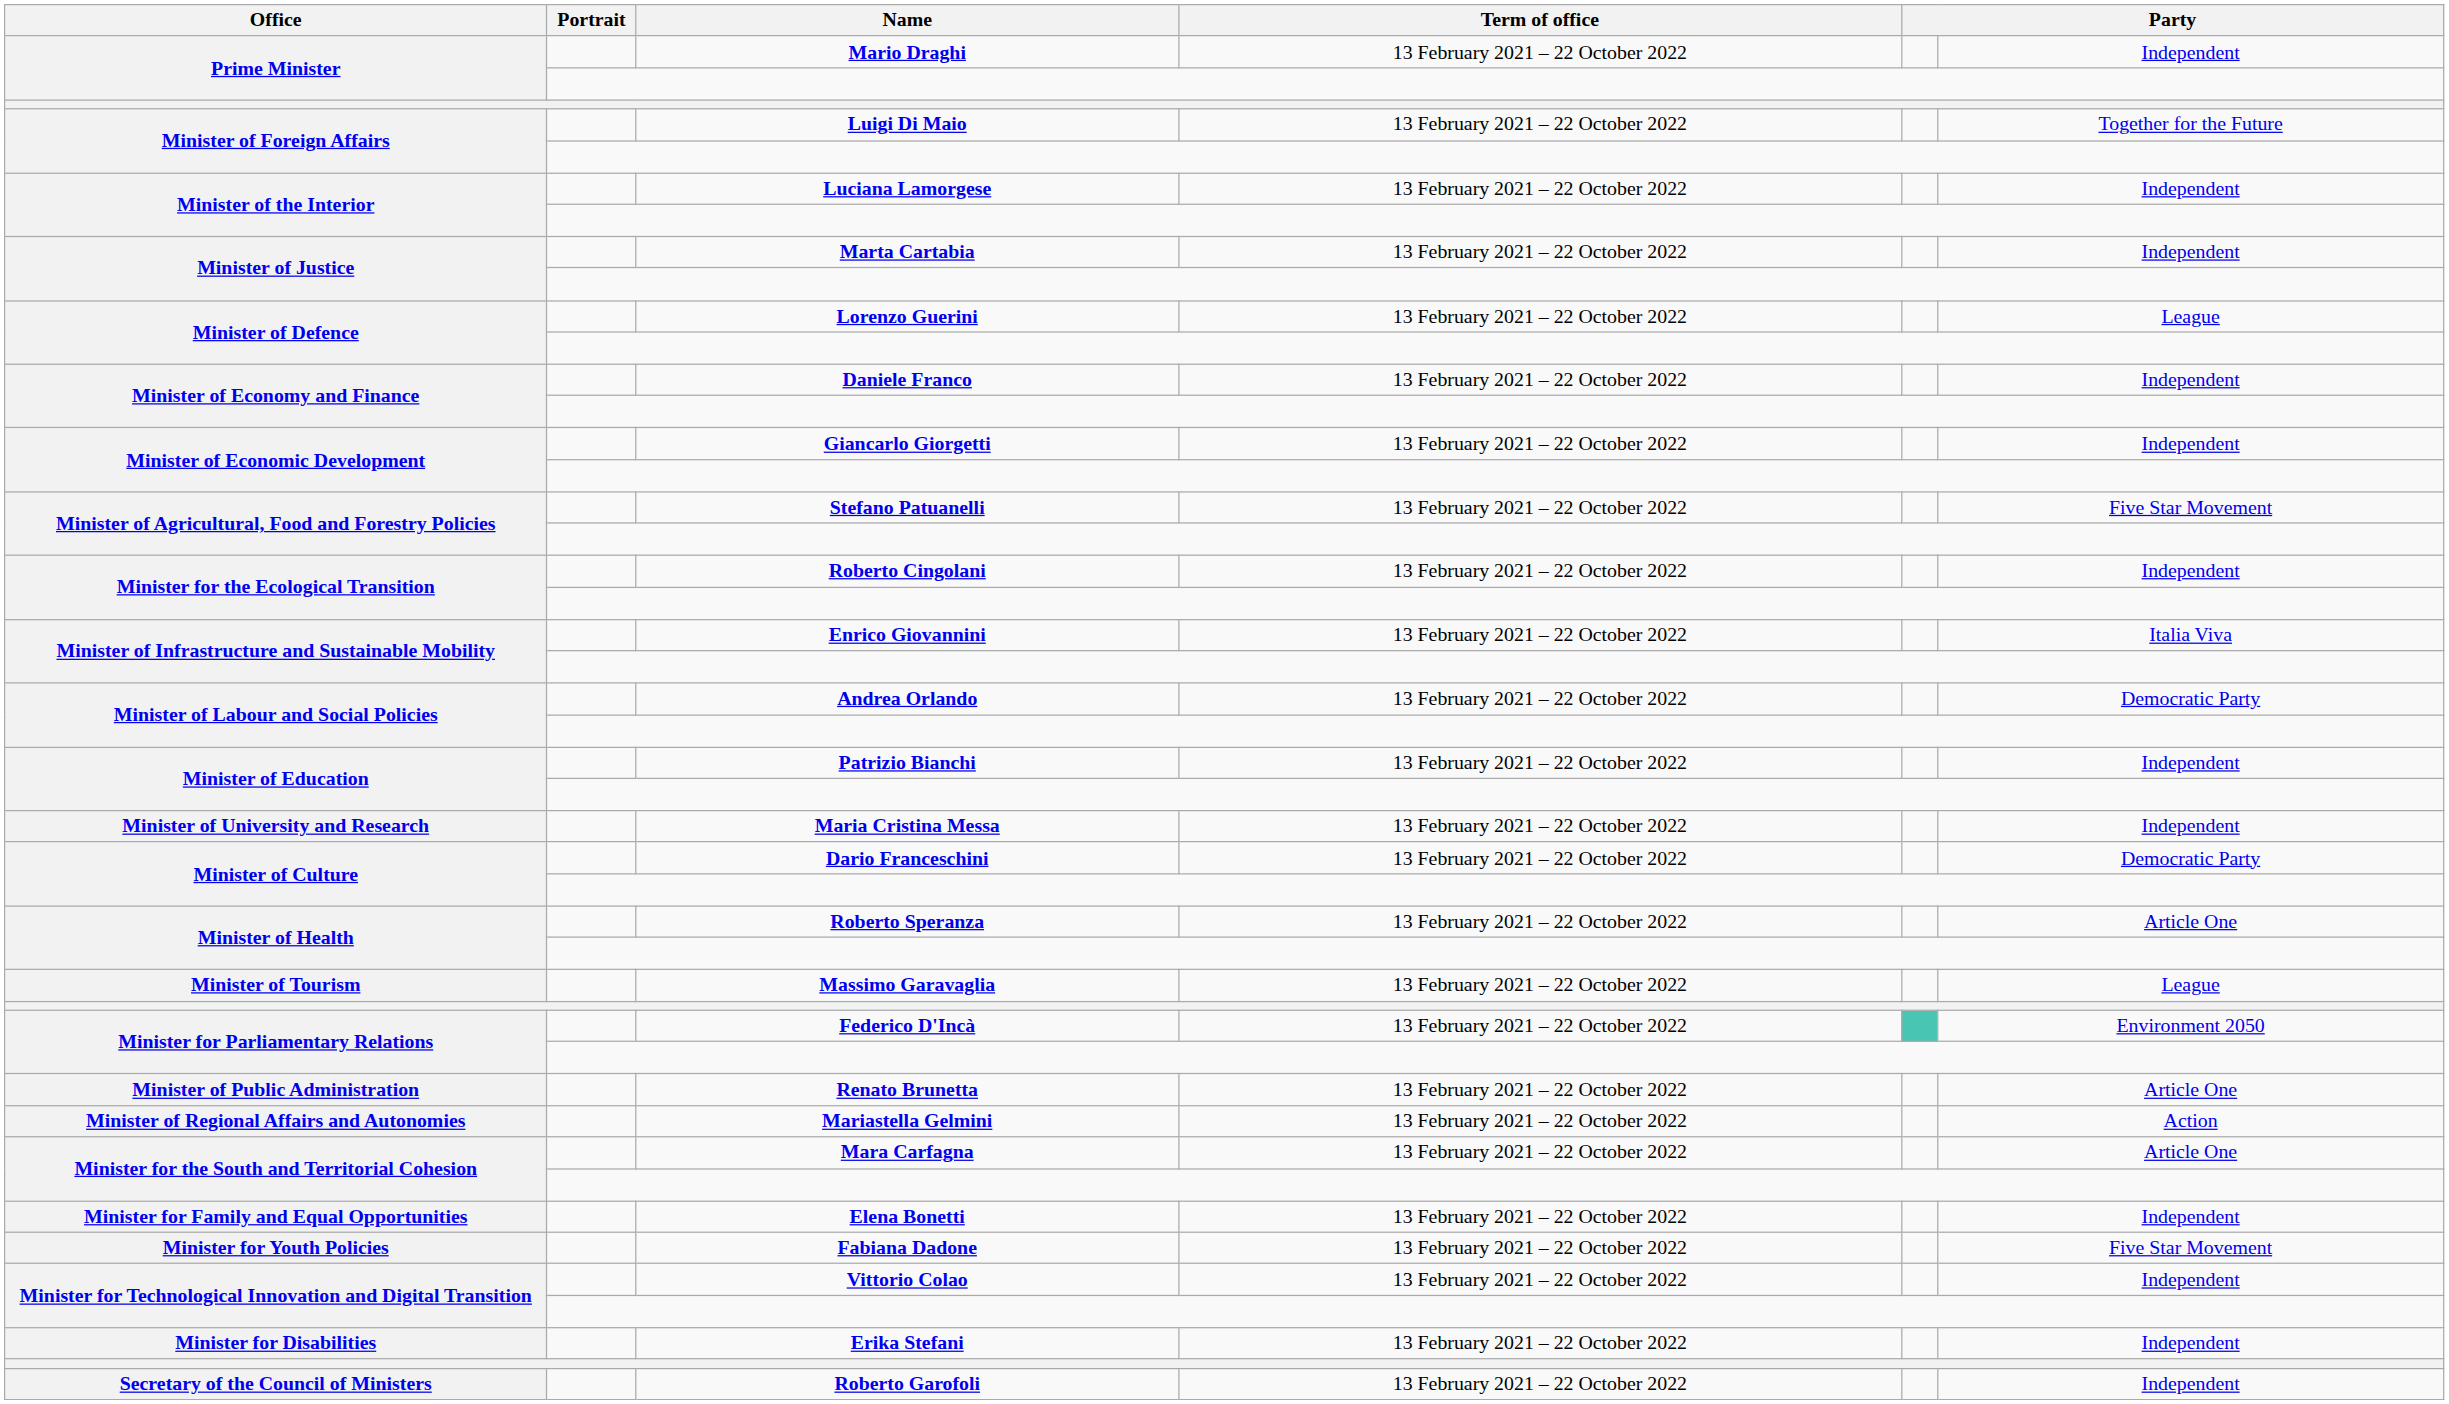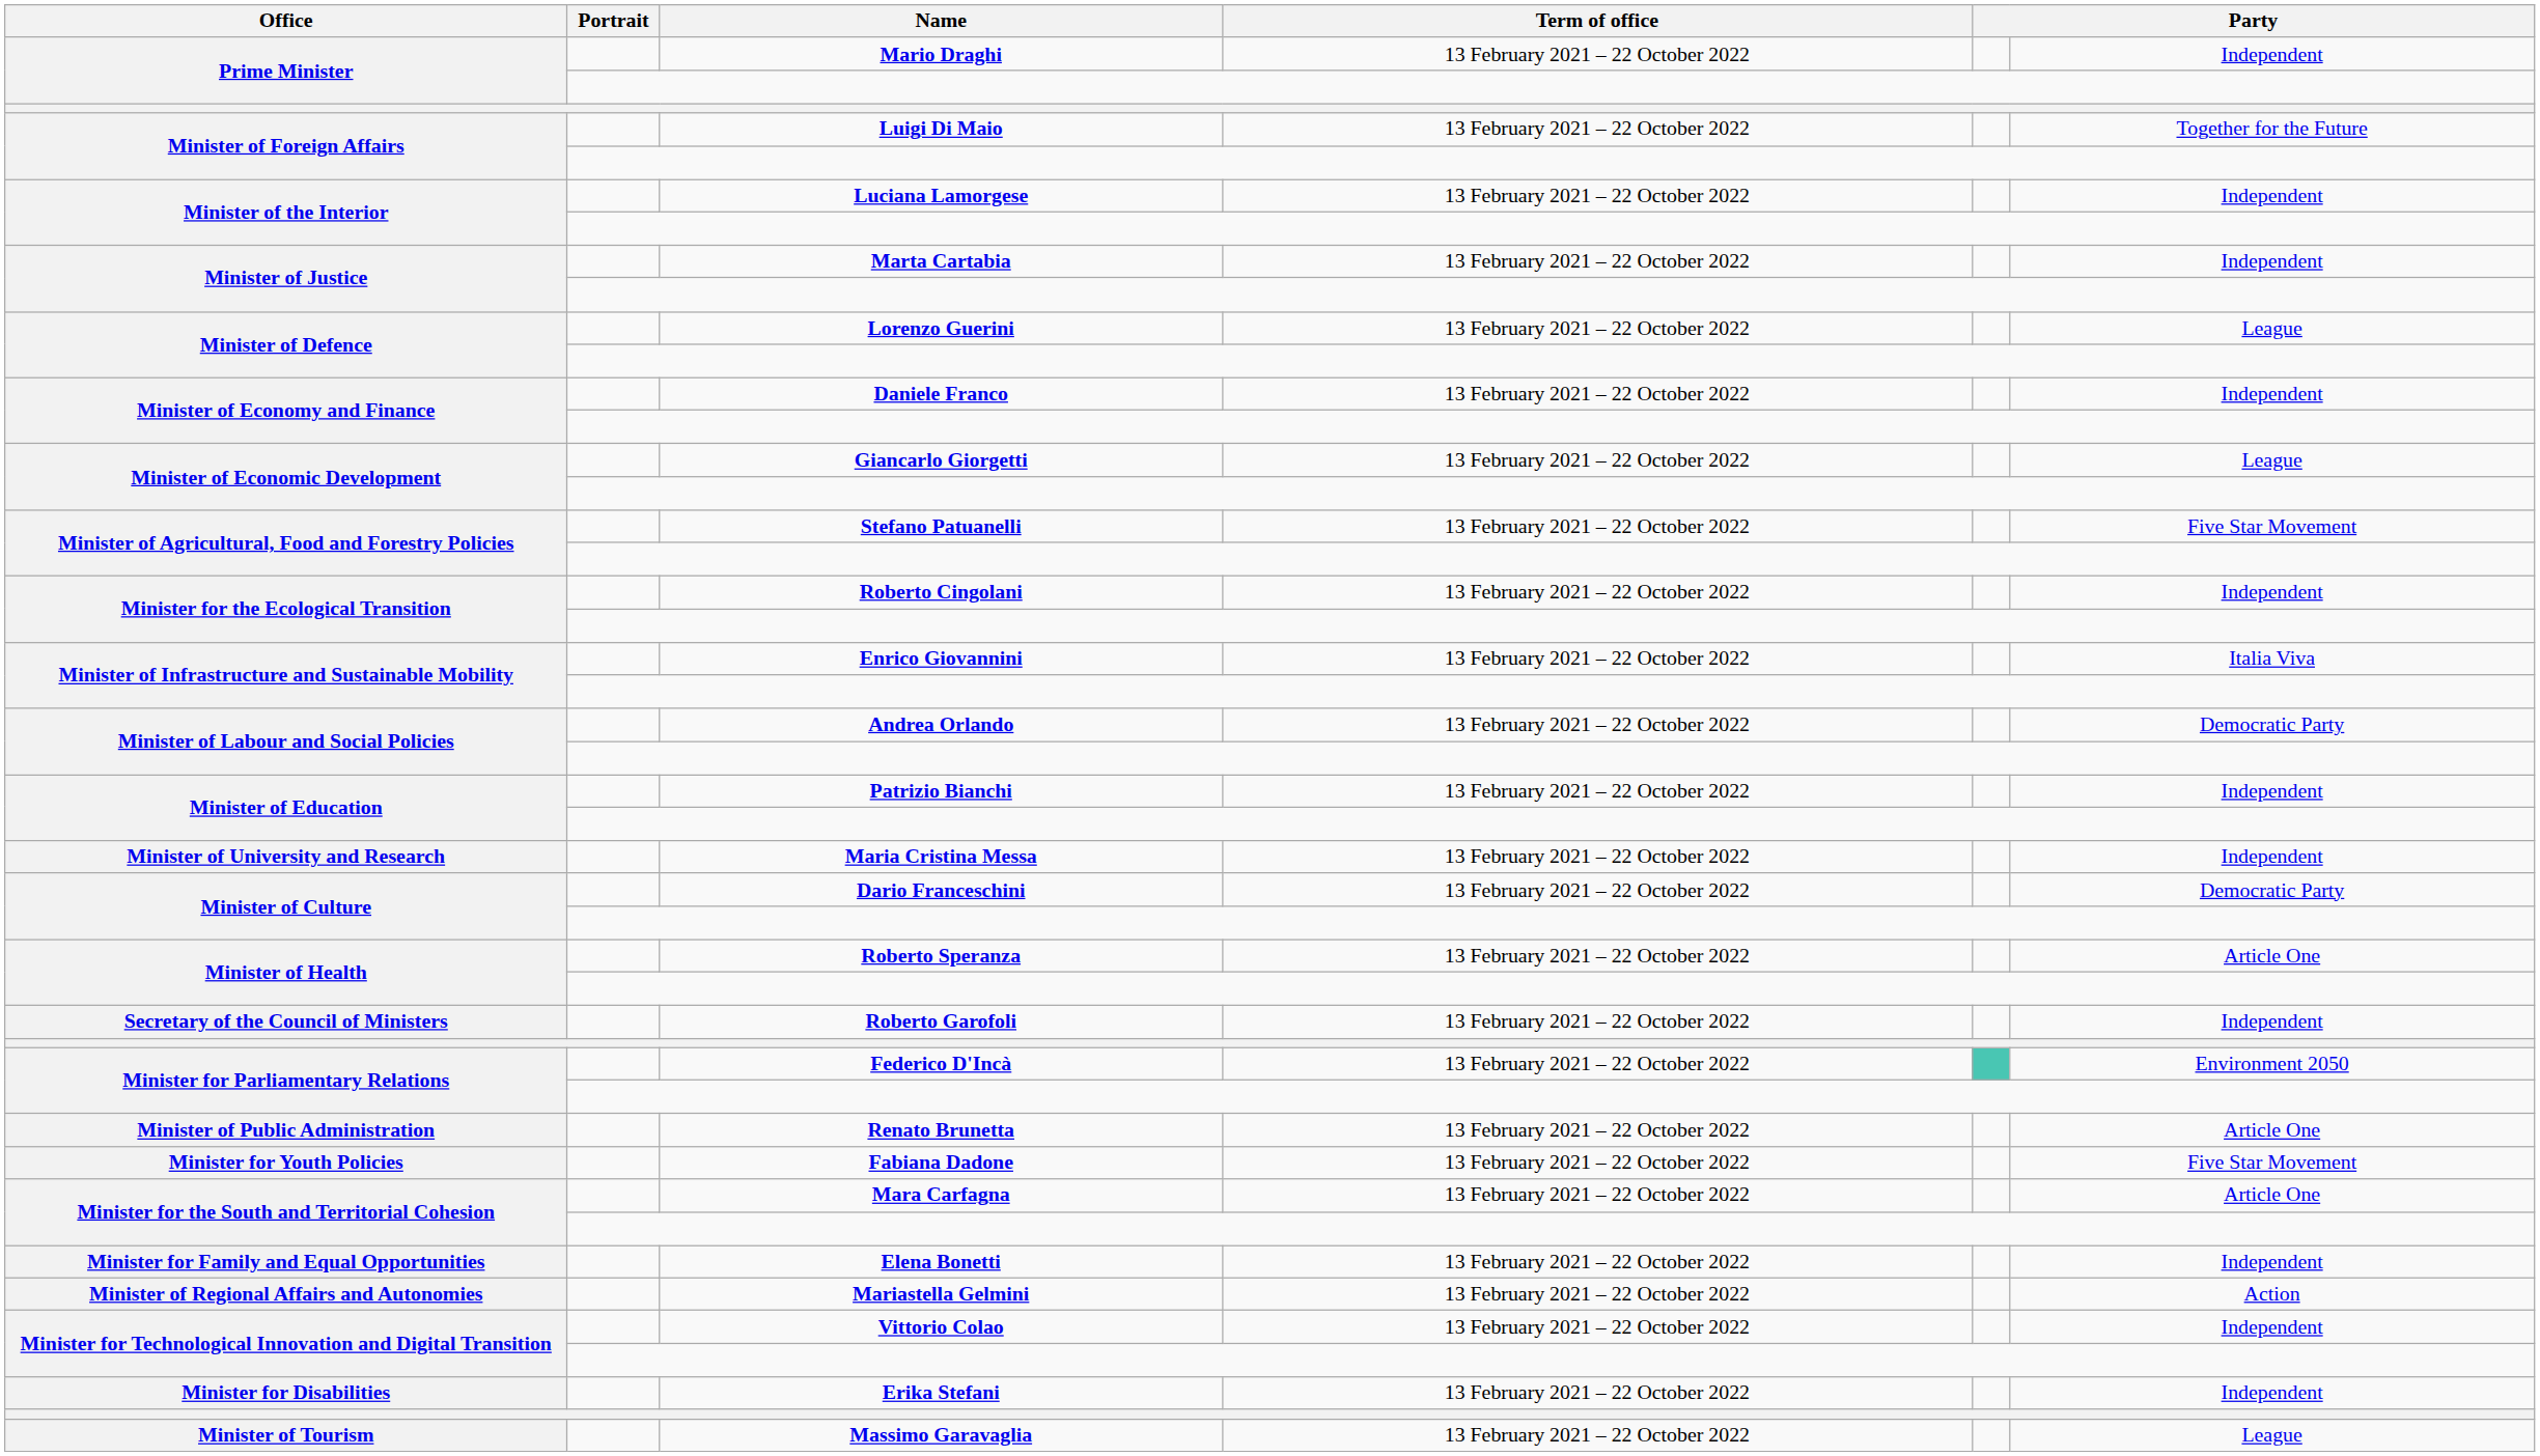 <table class="wikitable" style="text-align:center;">
 <tr>
 <th width=15%>Office</th>
 <th width=1%>Portrait</th>
 <th width=15%>Name</th>
 <th width=20%>Term of office</th>
 <th width=15% colspan=2>Party</th>
 </tr>
 <tr>
 <th rowspan=2><a href='#'>Prime Minister</a></th>
 <td></td>
 <td><strong><a href='#'>Mario Draghi</a></strong></td>
 <td>13 February 2021 – 22 October 2022</td>
 <td></td>
 <td><a href='#'>Independent</a></td>
 </tr>
 <tr>
 <td colspan="5" style="font-size:95%; line-height:19px;"><br></td>
 </tr>
 <tr>
 <th colspan=6></th>
 </tr>
 <tr>
 <th rowspan=2><a href='#'>Minister of Foreign Affairs</a></th>
 <td></td>
 <td><strong><a href='#'>Luigi Di Maio</a></strong></td>
 <td>13 February 2021 – 22 October 2022</td>
 <td></td>
 <td><a href='#'>Together for the Future</a><br></td>
 </tr>
 <tr>
 <td colspan="5" style="font-size:95%; line-height:19px;"><br> </td>
 </tr>
 <tr>
 <th rowspan=2><a href='#'>Minister of the Interior</a></th>
 <td></td>
 <td><strong><a href='#'>Luciana Lamorgese</a></strong></td>
 <td>13 February 2021 – 22 October 2022</td>
 <td></td>
 <td><a href='#'>Independent</a></td>
 </tr>
 <tr>
 <td colspan="5" style="font-size:95%; line-height:19px;"><br></td>
 </tr>
 <tr>
 <th rowspan=2><a href='#'>Minister of Justice</a></th>
 <td></td>
 <td><strong><a href='#'>Marta Cartabia</a></strong></td>
 <td>13 February 2021 – 22 October 2022</td>
 <td></td>
 <td><a href='#'>Independent</a></td>
 </tr>
 <tr>
 <td colspan="5" style="font-size:95%; line-height:19px;"><br></td>
 </tr>
 <tr>
 <th rowspan=2><a href='#'>Minister of Defence</a></th>
 <td></td>
 <td><strong><a href='#'>Lorenzo Guerini</a></strong></td>
 <td>13 February 2021 – 22 October 2022</td>
 <td></td>
 <td><a href='#'>League</a></td>
 </tr>
 <tr>
 <td colspan="5" style="font-size:95%; line-height:19px;"><br></td>
 </tr>
 <tr>
 <th rowspan=2><a href='#'>Minister of Economy and Finance</a></th>
 <td></td>
 <td><strong><a href='#'>Daniele Franco</a></strong></td>
 <td>13 February 2021 – 22 October 2022</td>
 <td></td>
 <td><a href='#'>Independent</a></td>
 </tr>
 <tr>
 <td colspan="5" style="font-size:95%; line-height:19px;"><br> </td>
 </tr>
 <tr>
 <th rowspan=2><a href='#'>Minister of Economic Development</a></th>
 <td></td>
 <td><strong><a href='#'>Giancarlo Giorgetti</a></strong></td>
 <td>13 February 2021 – 22 October 2022</td>
 <td></td>
-<td><a href='#'>Independent</a></td>
+<td><a href='#'>League</a></td>
 </tr>
 <tr>
 <td colspan="5" style="font-size:95%; line-height:19px;"><br> </td>
 </tr>
 <tr>
 <th rowspan=2><a href='#'>Minister of Agricultural, Food and Forestry Policies</a></th>
 <td></td>
 <td><strong><a href='#'>Stefano Patuanelli</a></strong></td>
 <td>13 February 2021 – 22 October 2022</td>
 <td></td>
 <td><a href='#'>Five Star Movement</a></td>
 </tr>
 <tr>
 <td colspan="5" style="font-size:95%; line-height:19px;"><br></td>
 </tr>
 <tr>
 <th rowspan=2><a href='#'>Minister for the Ecological Transition</a></th>
 <td></td>
 <td><strong><a href='#'>Roberto Cingolani</a></strong></td>
 <td>13 February 2021 – 22 October 2022</td>
 <td></td>
 <td><a href='#'>Independent</a></td>
 </tr>
 <tr>
 <td colspan="5" style="font-size:95%; line-height:19px;"><br></td>
 </tr>
 <tr>
 <th rowspan=2><a href='#'>Minister of Infrastructure and Sustainable Mobility</a></th>
 <td></td>
 <td><strong><a href='#'>Enrico Giovannini</a></strong></td>
 <td>13 February 2021 – 22 October 2022</td>
 <td></td>
 <td><a href='#'>Italia Viva</a></td>
 </tr>
 <tr>
 <td colspan="5" style="font-size:95%; line-height:19px;"><br> </td>
 </tr>
 <tr>
 <th rowspan=2><a href='#'>Minister of Labour and Social Policies</a></th>
 <td></td>
 <td><strong><a href='#'>Andrea Orlando</a></strong></td>
 <td>13 February 2021 – 22 October 2022</td>
 <td></td>
 <td><a href='#'>Democratic Party</a></td>
 </tr>
 <tr>
 <td colspan="5" style="font-size:95%; line-height:19px;"><br></td>
 </tr>
 <tr>
 <th rowspan=2><a href='#'>Minister of Education</a></th>
 <td></td>
 <td><strong><a href='#'>Patrizio Bianchi</a></strong></td>
 <td>13 February 2021 – 22 October 2022</td>
 <td></td>
 <td><a href='#'>Independent</a></td>
 </tr>
 <tr>
 <td colspan="5" style="font-size:95%; line-height:19px;"><br></td>
 </tr>
 <tr>
 <th><a href='#'>Minister of University and Research</a></th>
 <td></td>
 <td><strong><a href='#'>Maria Cristina Messa</a></strong></td>
 <td>13 February 2021 – 22 October 2022</td>
 <td></td>
 <td><a href='#'>Independent</a></td>
 </tr>
 <tr>
 <th rowspan=2><a href='#'>Minister of Culture</a></th>
 <td></td>
 <td><strong><a href='#'>Dario Franceschini</a></strong></td>
 <td>13 February 2021 – 22 October 2022</td>
 <td></td>
 <td><a href='#'>Democratic Party</a></td>
 </tr>
 <tr>
 <td colspan="5" style="font-size:95%; line-height:19px;"><br></td>
 </tr>
 <tr>
 <th rowspan=2><a href='#'>Minister of Health</a></th>
 <td></td>
 <td><strong><a href='#'>Roberto Speranza</a></strong></td>
 <td>13 February 2021 – 22 October 2022</td>
 <td></td>
 <td><a href='#'>Article One</a></td>
 </tr>
 <tr>
 <td colspan="5" style="font-size:95%; line-height:19px;"><br></td>
 </tr>
 <tr>
-<th><a href='#'>Minister of Tourism</a></th>
+<th><a href='#'>Secretary of the Council of Ministers</a></th>
 <td></td>
-<td><strong><a href='#'>Massimo Garavaglia</a></strong></td>
+<td><strong><a href='#'>Roberto Garofoli</a></strong></td>
 <td>13 February 2021 – 22 October 2022</td>
 <td></td>
-<td><a href='#'>League</a></td>
+<td><a href='#'>Independent</a></td>
 </tr>
 <tr>
 <th colspan=6></th>
 </tr>
 <tr>
 <th rowspan=2><a href='#'>Minister for Parliamentary Relations</a><br></th>
 <td></td>
 <td><strong><a href='#'>Federico D'Incà</a></strong></td>
 <td>13 February 2021 – 22 October 2022</td>
 <td bgcolor="#49C6B3" width=1%></td>
 <td><a href='#'>Environment 2050</a><br></td>
 </tr>
 <tr>
 <td colspan="5" style="font-size:95%; line-height:19px;"><br></td>
 </tr>
 <tr>
 <th><a href='#'>Minister of Public Administration</a><br></th>
 <td></td>
 <td><strong><a href='#'>Renato Brunetta</a></strong></td>
 <td>13 February 2021 – 22 October 2022</td>
 <td></td>
 <td><a href='#'>Article One</a></td>
 </tr>
 <tr>
-<th><a href='#'>Minister of Regional Affairs and Autonomies</a><br></th>
+<th><a href='#'>Minister for Youth Policies</a><br></th>
 <td></td>
-<td><strong><a href='#'>Mariastella Gelmini</a></strong></td>
+<td><strong><a href='#'>Fabiana Dadone</a></strong></td>
 <td>13 February 2021 – 22 October 2022</td>
 <td></td>
-<td><a href='#'>Action</a><br></td>
+<td><a href='#'>Five Star Movement</a></td>
 </tr>
 <tr>
 <th rowspan=2><a href='#'>Minister for the South and Territorial Cohesion</a><br></th>
 <td></td>
 <td><strong><a href='#'>Mara Carfagna</a></strong></td>
 <td>13 February 2021 – 22 October 2022</td>
 <td></td>
 <td><a href='#'>Article One</a></td>
 </tr>
 <tr>
 <td colspan="5" style="font-size:95%; line-height:19px;"><br></td>
 </tr>
 <tr>
 <th><a href='#'>Minister for Family and Equal Opportunities</a><br></th>
 <td></td>
 <td><strong><a href='#'>Elena Bonetti</a></strong></td>
 <td>13 February 2021 – 22 October 2022</td>
 <td></td>
 <td><a href='#'>Independent</a></td>
 </tr>
 <tr>
-<th><a href='#'>Minister for Youth Policies</a><br></th>
+<th><a href='#'>Minister of Regional Affairs and Autonomies</a><br></th>
 <td></td>
-<td><strong><a href='#'>Fabiana Dadone</a></strong></td>
+<td><strong><a href='#'>Mariastella Gelmini</a></strong></td>
 <td>13 February 2021 – 22 October 2022</td>
 <td></td>
-<td><a href='#'>Five Star Movement</a></td>
+<td><a href='#'>Action</a><br></td>
 </tr>
 <tr>
 <th rowspan=2><a href='#'>Minister for Technological Innovation and Digital Transition</a><br></th>
 <td></td>
 <td><strong><a href='#'>Vittorio Colao</a></strong></td>
 <td>13 February 2021 – 22 October 2022</td>
 <td></td>
 <td><a href='#'>Independent</a></td>
 </tr>
 <tr>
 <td colspan="5" style="font-size:95%; line-height:19px;"><br></td>
 </tr>
 <tr>
 <th><a href='#'>Minister for Disabilities</a><br></th>
 <td></td>
 <td><strong><a href='#'>Erika Stefani</a></strong></td>
 <td>13 February 2021 – 22 October 2022</td>
 <td></td>
 <td><a href='#'>Independent</a></td>
 </tr>
 <tr>
 <th colspan=6></th>
 </tr>
 <tr>
-<th><a href='#'>Secretary of the Council of Ministers</a></th>
+<th><a href='#'>Minister of Tourism</a></th>
 <td></td>
-<td><strong><a href='#'>Roberto Garofoli</a></strong></td>
+<td><strong><a href='#'>Massimo Garavaglia</a></strong></td>
 <td>13 February 2021 – 22 October 2022</td>
 <td></td>
-<td><a href='#'>Independent</a></td>
+<td><a href='#'>League</a></td>
 </tr>
 </table>
